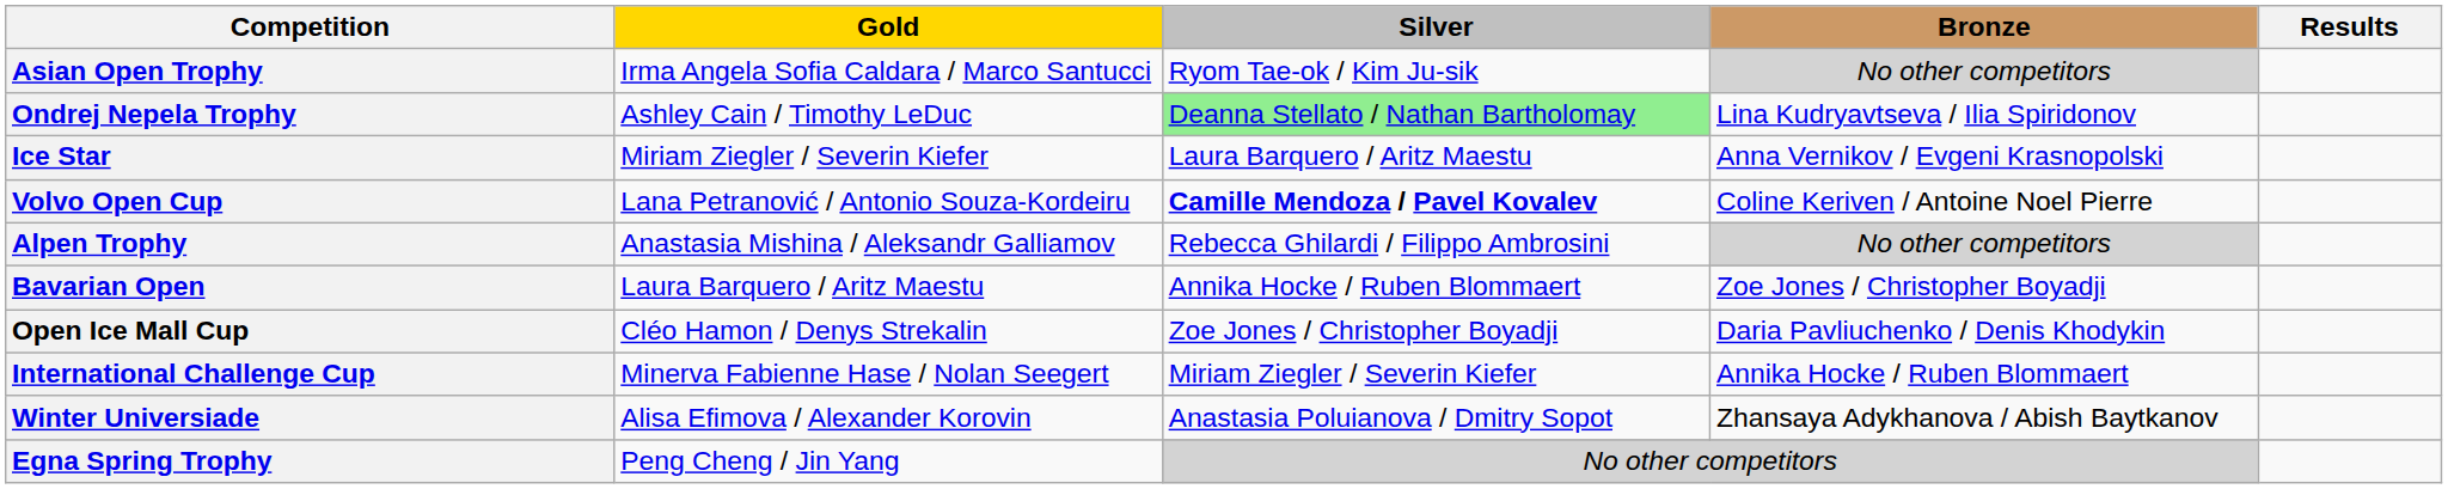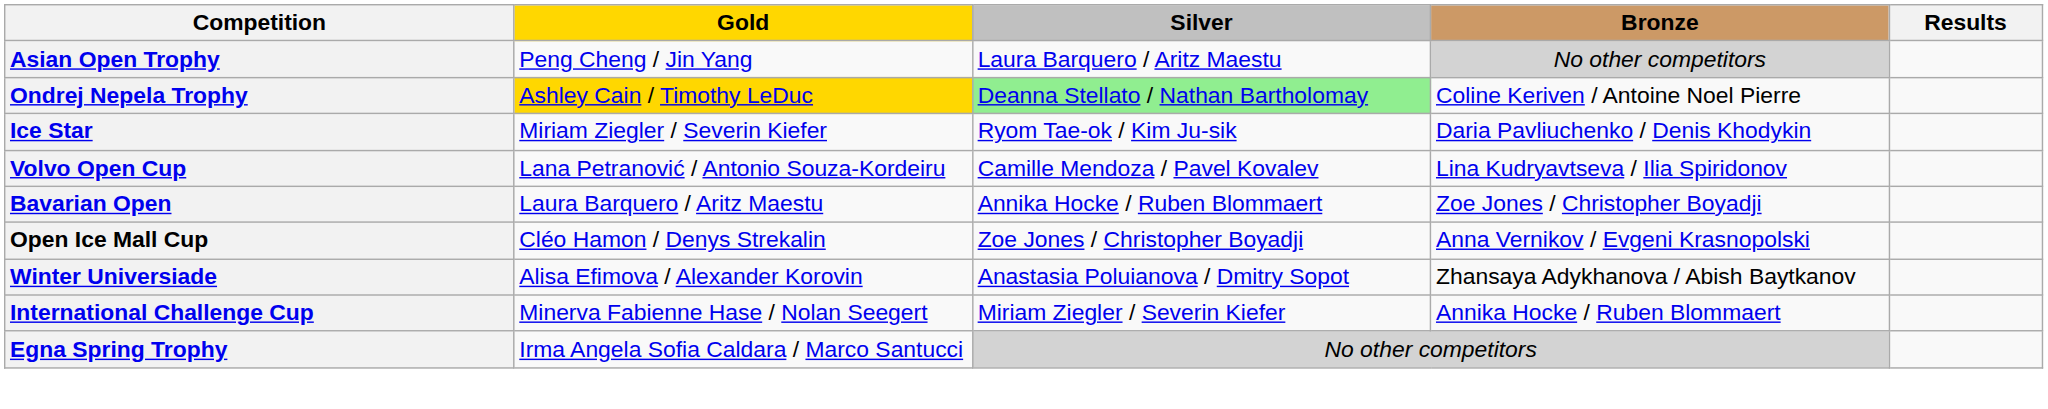 <table class="wikitable unsortable" style="text-align:left; width:90%;">
 <tr>
 <th scope="col" style="text-align:center; width:25%;">Competition</th>
 <td scope="col" style="text-align:center; width:22.5%; background:gold"><strong>Gold</strong></td>
 <td scope="col" style="text-align:center; width:22.5%; background:silver"><strong>Silver</strong></td>
 <td scope="col" style="text-align:center; width:22.5%; background:#c96"><strong>Bronze</strong></td>
 <th scope="col" style="text-align:center; width:7.5%;">Results</th>
 </tr>
 <tr>
 <th scope="row" style="text-align:left"> <a href='#'>Asian Open Trophy</a></th>
-<td> <a href='#'>Irma Angela Sofia Caldara</a> / <a href='#'>Marco Santucci</a></td>
-<td> <a href='#'>Ryom Tae-ok</a> / <a href='#'>Kim Ju-sik</a></td>
+<td> <a href='#'>Peng Cheng</a> / <a href='#'>Jin Yang</a></td>
+<td> <a href='#'>Laura Barquero</a> / <a href='#'>Aritz Maestu</a></td>
 <td align=center bgcolor="lightgray"><em>No other competitors</em></td>
 <td></td>
 </tr>
 <tr>
 <th scope="row" style="text-align:left"> <a href='#'>Ondrej Nepela Trophy</a></th>
-<td> <a href='#'>Ashley Cain</a> / <a href='#'>Timothy LeDuc</a></td>
+<td style="background: gold;"> <a href='#'>Ashley Cain</a> / <a href='#'>Timothy LeDuc</a></td>
 <td style="background: lightgreen;"> <a href='#'>Deanna Stellato</a> / <a href='#'>Nathan Bartholomay</a></td>
-<td> <a href='#'>Lina Kudryavtseva</a> / <a href='#'>Ilia Spiridonov</a></td>
+<td> <a href='#'>Coline Keriven</a> / Antoine Noel Pierre</td>
 <td></td>
 </tr>
 <tr>
 <th scope="row" style="text-align:left"> <a href='#'>Ice Star</a></th>
 <td> <a href='#'>Miriam Ziegler</a> / <a href='#'>Severin Kiefer</a></td>
-<td> <a href='#'>Laura Barquero</a> / <a href='#'>Aritz Maestu</a></td>
-<td> <a href='#'>Anna Vernikov</a> / <a href='#'>Evgeni Krasnopolski</a></td>
+<td> <a href='#'>Ryom Tae-ok</a> / <a href='#'>Kim Ju-sik</a></td>
+<td> <a href='#'>Daria Pavliuchenko</a> / <a href='#'>Denis Khodykin</a></td>
 <td></td>
 </tr>
 <tr>
 <th scope="row" style="text-align:left"> <a href='#'>Volvo Open Cup</a></th>
 <td> <a href='#'>Lana Petranović</a> / <a href='#'>Antonio Souza-Kordeiru</a></td>
-<td><strong> <a href='#'>Camille Mendoza</a> / <a href='#'>Pavel Kovalev</a></strong></td>
-<td> <a href='#'>Coline Keriven</a> / Antoine Noel Pierre</td>
-<td></td>
-</tr>
-<tr>
-<th scope="row" style="text-align:left"> <a href='#'>Alpen Trophy</a></th>
-<td> <a href='#'>Anastasia Mishina</a> / <a href='#'>Aleksandr Galliamov</a></td>
-<td> <a href='#'>Rebecca Ghilardi</a> / <a href='#'>Filippo Ambrosini</a></td>
-<td align=center bgcolor="lightgray"><em>No other competitors</em></td>
+<td> <a href='#'>Camille Mendoza</a> / <a href='#'>Pavel Kovalev</a></td>
+<td> <a href='#'>Lina Kudryavtseva</a> / <a href='#'>Ilia Spiridonov</a></td>
 <td></td>
 </tr>
 <tr>
 <th scope="row" style="text-align:left"> <a href='#'>Bavarian Open</a></th>
 <td> <a href='#'>Laura Barquero</a> / <a href='#'>Aritz Maestu</a></td>
 <td> <a href='#'>Annika Hocke</a> / <a href='#'>Ruben Blommaert</a></td>
 <td> <a href='#'>Zoe Jones</a> / <a href='#'>Christopher Boyadji</a></td>
 <td></td>
 </tr>
 <tr>
 <th scope="row" style="text-align:left"> Open Ice Mall Cup</th>
 <td> <a href='#'>Cléo Hamon</a> / <a href='#'>Denys Strekalin</a></td>
 <td> <a href='#'>Zoe Jones</a> / <a href='#'>Christopher Boyadji</a></td>
-<td> <a href='#'>Daria Pavliuchenko</a> / <a href='#'>Denis Khodykin</a></td>
+<td> <a href='#'>Anna Vernikov</a> / <a href='#'>Evgeni Krasnopolski</a></td>
+<td></td>
+</tr>
+<tr>
+<th scope="row" style="text-align:left"> <a href='#'>Winter Universiade</a></th>
+<td> <a href='#'>Alisa Efimova</a> / <a href='#'>Alexander Korovin</a></td>
+<td> <a href='#'>Anastasia Poluianova</a> / <a href='#'>Dmitry Sopot</a></td>
+<td> Zhansaya Adykhanova / Abish Baytkanov</td>
 <td></td>
 </tr>
 <tr>
 <th scope="row" style="text-align:left"> <a href='#'>International Challenge Cup</a></th>
 <td> <a href='#'>Minerva Fabienne Hase</a> / <a href='#'>Nolan Seegert</a></td>
 <td> <a href='#'>Miriam Ziegler</a> / <a href='#'>Severin Kiefer</a></td>
 <td> <a href='#'>Annika Hocke</a> / <a href='#'>Ruben Blommaert</a></td>
 <td></td>
 </tr>
 <tr>
-<th scope="row" style="text-align:left"> <a href='#'>Winter Universiade</a></th>
-<td> <a href='#'>Alisa Efimova</a> / <a href='#'>Alexander Korovin</a></td>
-<td> <a href='#'>Anastasia Poluianova</a> / <a href='#'>Dmitry Sopot</a></td>
-<td> Zhansaya Adykhanova / Abish Baytkanov</td>
-<td></td>
-</tr>
-<tr>
 <th scope="row" style="text-align:left"> <a href='#'>Egna Spring Trophy</a></th>
-<td> <a href='#'>Peng Cheng</a> / <a href='#'>Jin Yang</a></td>
+<td> <a href='#'>Irma Angela Sofia Caldara</a> / <a href='#'>Marco Santucci</a></td>
 <td colspan=2 align=center bgcolor="lightgray"><em>No other competitors</em></td>
 <td></td>
 </tr>
 </table>
